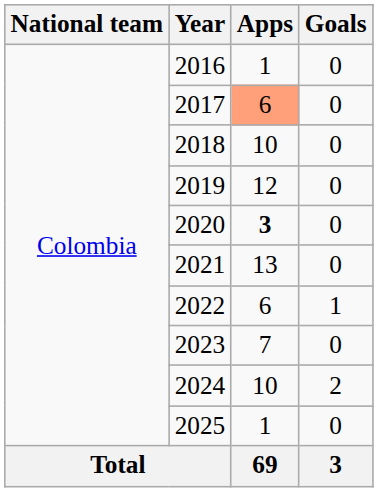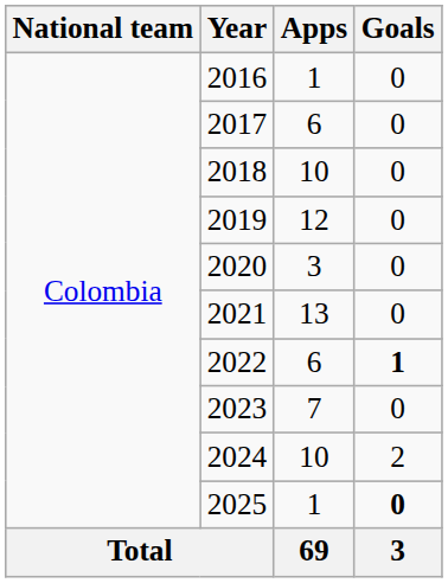 <table class="wikitable" style="text-align:center">
 <tr>
 <th>National team</th>
 <th>Year</th>
 <th>Apps</th>
 <th>Goals</th>
 </tr>
 <tr>
 <td rowspan="10"><a href='#'>Colombia</a></td>
 <td>2016</td>
 <td>1</td>
 <td>0</td>
 </tr>
 <tr>
 <td>2017</td>
-<td style="background: lightsalmon;">6</td>
+<td>6</td>
 <td>0</td>
 </tr>
 <tr>
 <td>2018</td>
 <td>10</td>
 <td>0</td>
 </tr>
 <tr>
 <td>2019</td>
 <td>12</td>
 <td>0</td>
 </tr>
 <tr>
 <td>2020</td>
-<td><strong>3</strong></td>
+<td>3</td>
 <td>0</td>
 </tr>
 <tr>
 <td>2021</td>
 <td>13</td>
 <td>0</td>
 </tr>
 <tr>
 <td>2022</td>
 <td>6</td>
-<td>1</td>
+<td><strong>1</strong></td>
 </tr>
 <tr>
 <td>2023</td>
 <td>7</td>
 <td>0</td>
 </tr>
 <tr>
 <td>2024</td>
 <td>10</td>
 <td>2</td>
 </tr>
 <tr>
 <td>2025</td>
 <td>1</td>
-<td>0</td>
+<td><strong>0</strong></td>
 </tr>
 <tr>
 <th colspan="2">Total</th>
 <th>69</th>
 <th>3</th>
 </tr>
 </table>
